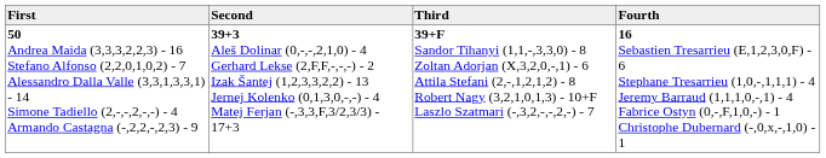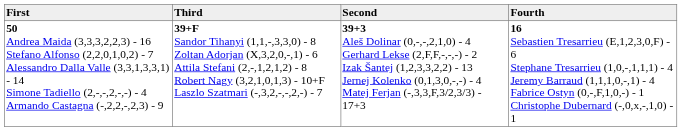 <table border=1 cellpadding=2 cellspacing=0 width=75% style="border-collapse:collapse">
 <tr align=left style="background:#efefef;">
 <th width=20%>First</th>
+<th width=20%>Third</th>
 <th width=20%>Second</th>
-<th width=20%>Third</th>
 <th width=20%>Fourth</th>
 </tr>
 <tr align=left>
 <td valign=top><strong> 50</strong><br><a href='#'>Andrea Maida</a> (3,3,3,2,2,3) - 16<br><a href='#'>Stefano Alfonso</a> (2,2,0,1,0,2) - 7<br><a href='#'>Alessandro Dalla Valle</a> (3,3,1,3,3,1) - 14<br><a href='#'>Simone Tadiello</a> (2,-,-,2,-,-) - 4<br><a href='#'>Armando Castagna</a> (-,2,2,-,2,3) - 9</td>
+<td valign=top><strong> 39+F</strong><br><a href='#'>Sandor Tihanyi</a> (1,1,-,3,3,0) - 8<br><a href='#'>Zoltan Adorjan</a> (X,3,2,0,-,1) - 6<br><a href='#'>Attila Stefani</a> (2,-,1,2,1,2) - 8<br><a href='#'>Robert Nagy</a> (3,2,1,0,1,3) - 10+F<br><a href='#'>Laszlo Szatmari</a> (-,3,2,-,-,2,-) - 7</td>
 <td valign=top><strong> 39+3</strong><br><a href='#'>Aleš Dolinar</a> (0,-,-,2,1,0) - 4<br><a href='#'>Gerhard Lekse</a> (2,F,F,-,-,-) - 2<br><a href='#'>Izak Šantej</a> (1,2,3,3,2,2) - 13<br><a href='#'>Jernej Kolenko</a> (0,1,3,0,-,-) - 4<br><a href='#'>Matej Ferjan</a> (-,3,3,F,3/2,3/3) - 17+3</td>
-<td valign=top><strong> 39+F</strong><br><a href='#'>Sandor Tihanyi</a> (1,1,-,3,3,0) - 8<br><a href='#'>Zoltan Adorjan</a> (X,3,2,0,-,1) - 6<br><a href='#'>Attila Stefani</a> (2,-,1,2,1,2) - 8<br><a href='#'>Robert Nagy</a> (3,2,1,0,1,3) - 10+F<br><a href='#'>Laszlo Szatmari</a> (-,3,2,-,-,2,-) - 7</td>
 <td valign=top><strong> 16</strong><br><a href='#'>Sebastien Tresarrieu</a> (E,1,2,3,0,F) - 6<br><a href='#'>Stephane Tresarrieu</a> (1,0,-,1,1,1) - 4<br><a href='#'>Jeremy Barraud</a> (1,1,1,0,-,1) - 4<br><a href='#'>Fabrice Ostyn</a> (0,-,F,1,0,-) - 1<br><a href='#'>Christophe Dubernard</a> (-,0,x,-,1,0) - 1</td>
 </tr>
 </table>
